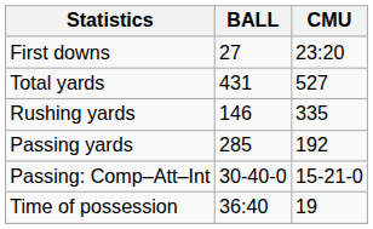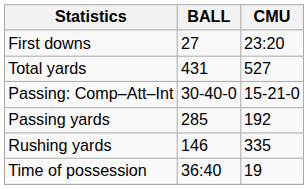 <table class="wikitable" style="float: left;">
 <tr>
 <th>Statistics</th>
 <th>BALL</th>
 <th>CMU</th>
 </tr>
 <tr>
 <td>First downs</td>
 <td>27</td>
 <td>23:20</td>
 </tr>
 <tr>
 <td>Total yards</td>
 <td>431</td>
 <td>527</td>
 </tr>
 <tr>
-<td>Rushing yards</td>
-<td>146</td>
-<td>335</td>
+<td>Passing: Comp–Att–Int</td>
+<td>30-40-0</td>
+<td>15-21-0</td>
 </tr>
 <tr>
 <td>Passing yards</td>
 <td>285</td>
 <td>192</td>
 </tr>
 <tr>
-<td>Passing: Comp–Att–Int</td>
-<td>30-40-0</td>
-<td>15-21-0</td>
+<td>Rushing yards</td>
+<td>146</td>
+<td>335</td>
 </tr>
 <tr>
 <td>Time of possession</td>
 <td>36:40</td>
 <td>19</td>
 </tr>
 <tr>
 </tr>
 </table>
